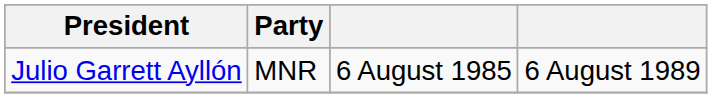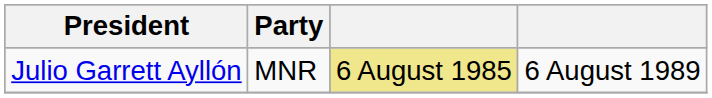 <table class="wikitable">
 <tr>
 <th>President</th>
 <th>Party</th>
 <th></th>
 <th></th>
 </tr>
 <tr>
 <td><a href='#'>Julio Garrett Ayllón</a></td>
 <td>MNR</td>
-<td>6 August 1985</td>
+<td style="background: khaki;">6 August 1985</td>
 <td>6 August 1989</td>
 </tr>
 <tr>
 </tr>
 </table>
